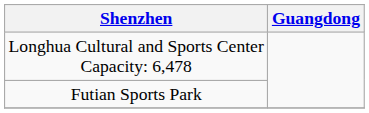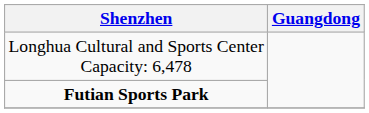 <table class="wikitable" style="text-align:center">
 <tr>
 <th><a href='#'>Shenzhen</a></th>
 <th><a href='#'>Guangdong</a></th>
 </tr>
 <tr>
 <td>Longhua Cultural and Sports Center<br>Capacity: 6,478</td>
 <td rowspan=2></td>
 </tr>
 <tr>
-<td>Futian Sports Park</td>
+<td><strong>Futian Sports Park</strong></td>
 </tr>
 <tr>
 </tr>
 </table>
